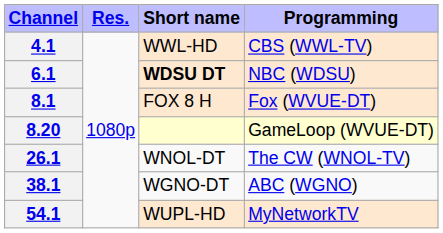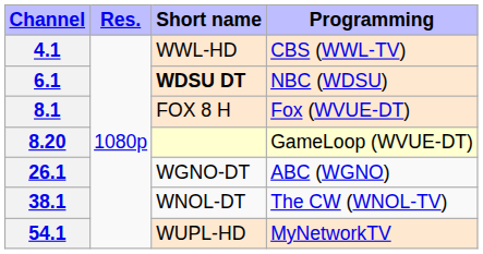 <table class="wikitable">
 <tr>
 <th style="background-color: #bdbdff" scope = "col"><a href='#'>Channel</a></th>
 <th style="background-color: #bdbdff" scope = "col"><a href='#'>Res.</a></th>
 <th style="background-color: #bdbdff" scope = "col">Short name</th>
 <th style="background-color: #bdbdff" scope = "col">Programming</th>
 </tr>
 <tr>
 <th scope = "row"><a href='#'>4.1</a></th>
 <td rowspan=7><a href='#'>1080p</a></td>
 <td style="background-color:#ffe8d0">WWL-HD</td>
 <td style="background-color:#ffe8d0"><a href='#'>CBS</a> (<a href='#'>WWL-TV</a>) </td>
 </tr>
 <tr>
 <th scope = "row"><a href='#'>6.1</a></th>
 <td style="background-color:#ffe8d0"><strong>WDSU DT</strong></td>
 <td style="background-color:#ffe8d0"><a href='#'>NBC</a> (<a href='#'>WDSU</a>) </td>
 </tr>
 <tr>
 <th scope = "row"><a href='#'>8.1</a></th>
 <td style="background-color:#ffe8d0">FOX 8 H</td>
 <td style="background-color:#ffe8d0"><a href='#'>Fox</a> (<a href='#'>WVUE-DT</a>) </td>
 </tr>
 <tr>
 <th scope = "row"><a href='#'>8.20</a></th>
 <td style="background-color:#ffffd0"></td>
 <td style="background-color:#ffffd0">GameLoop (WVUE-DT)</td>
 </tr>
 <tr>
 <th scope = "row"><a href='#'>26.1</a></th>
-<td>WNOL-DT</td>
-<td><a href='#'>The CW</a> (<a href='#'>WNOL-TV</a>)</td>
+<td>WGNO-DT</td>
+<td><a href='#'>ABC</a> (<a href='#'>WGNO</a>)</td>
 </tr>
 <tr>
 <th scope = "row"><a href='#'>38.1</a></th>
-<td>WGNO-DT</td>
-<td><a href='#'>ABC</a> (<a href='#'>WGNO</a>)</td>
+<td>WNOL-DT</td>
+<td><a href='#'>The CW</a> (<a href='#'>WNOL-TV</a>)</td>
 </tr>
 <tr>
 <th scope = "row"><a href='#'>54.1</a></th>
 <td style="background-color:#ffe8d0">WUPL-HD</td>
 <td style="background-color:#ffe8d0"><a href='#'>MyNetworkTV</a> </td>
 </tr>
 </table>
